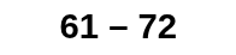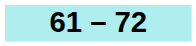 <table style="text-align:center">
 <tr>
 <th width=200></th>
 <th width=100></th>
 <th width=200></th>
 </tr>
 <tr>
 <td align=right></td>
-<td><strong>61 – 72</strong></td>
+<td style="background: paleturquoise;"><strong>61 – 72</strong></td>
 <td align=left><strong></strong></td>
 </tr>
 </table>
